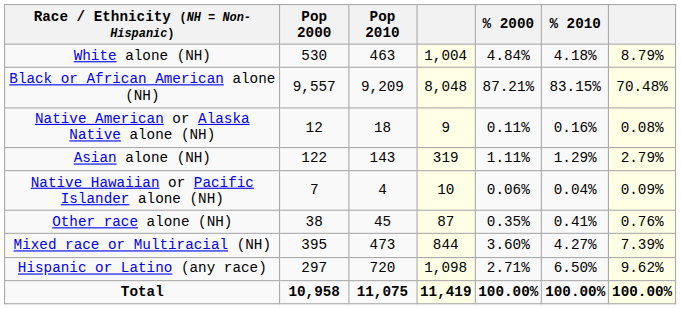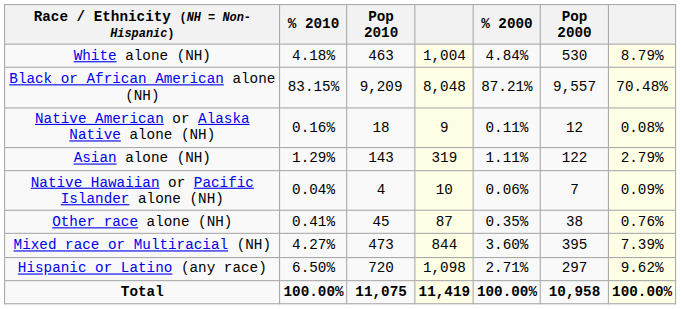 <table class="wikitable" style="text-align:center;">
 <tr>
 <th>Race / Ethnicity <small>(<em>NH = Non-Hispanic</em>)</small></th>
-<th>Pop 2000</th>
+<th>% 2010</th>
 <th>Pop 2010</th>
 <th></th>
 <th>% 2000</th>
-<th>% 2010</th>
+<th>Pop 2000</th>
 <th></th>
 </tr>
 <tr>
 <td><a href='#'>White</a> alone (NH)</td>
-<td>530</td>
+<td>4.18%</td>
 <td>463</td>
 <td style='background: #ffffe6;'>1,004</td>
 <td>4.84%</td>
-<td>4.18%</td>
+<td>530</td>
 <td style='background: #ffffe6;'>8.79%</td>
 </tr>
 <tr>
 <td><a href='#'>Black or African American</a> alone (NH)</td>
-<td>9,557</td>
+<td>83.15%</td>
 <td>9,209</td>
 <td style='background: #ffffe6;'>8,048</td>
 <td>87.21%</td>
-<td>83.15%</td>
+<td>9,557</td>
 <td style='background: #ffffe6;'>70.48%</td>
 </tr>
 <tr>
 <td><a href='#'>Native American</a> or <a href='#'>Alaska Native</a> alone (NH)</td>
-<td>12</td>
+<td>0.16%</td>
 <td>18</td>
 <td style='background: #ffffe6;'>9</td>
 <td>0.11%</td>
-<td>0.16%</td>
+<td>12</td>
 <td style='background: #ffffe6;'>0.08%</td>
 </tr>
 <tr>
 <td><a href='#'>Asian</a> alone (NH)</td>
-<td>122</td>
+<td>1.29%</td>
 <td>143</td>
 <td style='background: #ffffe6;'>319</td>
 <td>1.11%</td>
-<td>1.29%</td>
+<td>122</td>
 <td style='background: #ffffe6;'>2.79%</td>
 </tr>
 <tr>
 <td><a href='#'>Native Hawaiian</a> or <a href='#'>Pacific Islander</a> alone (NH)</td>
-<td>7</td>
+<td>0.04%</td>
 <td>4</td>
 <td style='background: #ffffe6;'>10</td>
 <td>0.06%</td>
-<td>0.04%</td>
+<td>7</td>
 <td style='background: #ffffe6;'>0.09%</td>
 </tr>
 <tr>
 <td><a href='#'>Other race</a> alone (NH)</td>
-<td>38</td>
+<td>0.41%</td>
 <td>45</td>
 <td style='background: #ffffe6;'>87</td>
 <td>0.35%</td>
-<td>0.41%</td>
+<td>38</td>
 <td style='background: #ffffe6;'>0.76%</td>
 </tr>
 <tr>
 <td><a href='#'>Mixed race or Multiracial</a> (NH)</td>
-<td>395</td>
+<td>4.27%</td>
 <td>473</td>
 <td style='background: #ffffe6;'>844</td>
 <td>3.60%</td>
-<td>4.27%</td>
+<td>395</td>
 <td style='background: #ffffe6;'>7.39%</td>
 </tr>
 <tr>
 <td><a href='#'>Hispanic or Latino</a> (any race)</td>
-<td>297</td>
+<td>6.50%</td>
 <td>720</td>
 <td style='background: #ffffe6;'>1,098</td>
 <td>2.71%</td>
-<td>6.50%</td>
+<td>297</td>
 <td style='background: #ffffe6;'>9.62%</td>
 </tr>
 <tr>
 <td><strong>Total</strong></td>
-<td><strong>10,958</strong></td>
+<td><strong>100.00%</strong></td>
 <td><strong>11,075</strong></td>
 <td style='background: #ffffe6;'><strong>11,419</strong></td>
 <td><strong>100.00%</strong></td>
-<td><strong>100.00%</strong></td>
+<td><strong>10,958</strong></td>
 <td style='background: #ffffe6;'><strong>100.00%</strong></td>
 </tr>
 </table>
